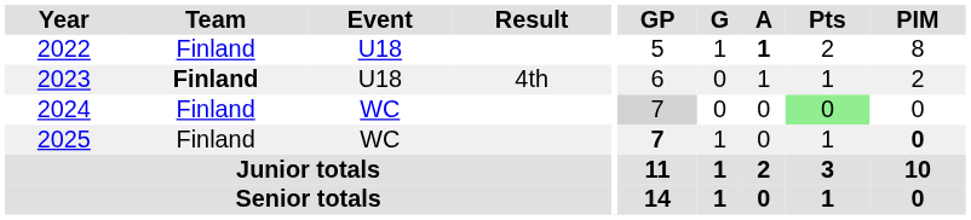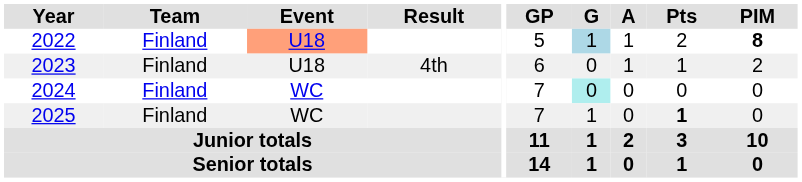 <table border="0" cellpadding="1" cellspacing="0" ID="Table3" style="text-align:center; width:40em">
 <tr ALIGN="center" bgcolor="#e0e0e0">
 <th>Year</th>
 <th>Team</th>
 <th>Event</th>
 <th>Result</th>
 <th rowspan="99" bgcolor="#ffffff"></th>
 <th>GP</th>
 <th>G</th>
 <th>A</th>
 <th>Pts</th>
 <th>PIM</th>
 </tr>
 <tr>
 <td><a href='#'>2022</a></td>
 <td><a href='#'>Finland</a></td>
-<td><a href='#'>U18</a></td>
+<td style="background: lightsalmon;"><a href='#'>U18</a></td>
 <td></td>
 <td>5</td>
+<td style="background: lightblue;">1</td>
 <td>1</td>
-<td><strong>1</strong></td>
 <td>2</td>
-<td>8</td>
+<td><strong>8</strong></td>
 </tr>
 <tr bgcolor="#f0f0f0">
 <td><a href='#'>2023</a></td>
-<td><strong>Finland</strong></td>
+<td>Finland</td>
 <td>U18</td>
 <td>4th</td>
 <td>6</td>
 <td>0</td>
 <td>1</td>
 <td>1</td>
 <td>2</td>
 </tr>
 <tr>
 <td><a href='#'>2024</a></td>
 <td><a href='#'>Finland</a></td>
 <td><a href='#'>WC</a></td>
 <td></td>
-<td style="background: lightgrey;">7</td>
+<td>7</td>
+<td style="background: paleturquoise;">0</td>
 <td>0</td>
 <td>0</td>
-<td style="background: lightgreen;">0</td>
 <td>0</td>
 </tr>
 <tr bgcolor="#f0f0f0">
 <td><a href='#'>2025</a></td>
 <td>Finland</td>
 <td>WC</td>
 <td></td>
-<td><strong>7</strong></td>
+<td>7</td>
 <td>1</td>
 <td>0</td>
-<td>1</td>
-<td><strong>0</strong></td>
+<td><strong>1</strong></td>
+<td>0</td>
 </tr>
 <tr bgcolor="#e0e0e0">
 <th colspan="4">Junior totals</th>
 <th>11</th>
 <th>1</th>
 <th>2</th>
 <th>3</th>
 <th>10</th>
 </tr>
 <tr bgcolor="#e0e0e0">
 <th colspan="4">Senior totals</th>
 <th>14</th>
 <th>1</th>
 <th>0</th>
 <th>1</th>
 <th>0</th>
 </tr>
 </table>
